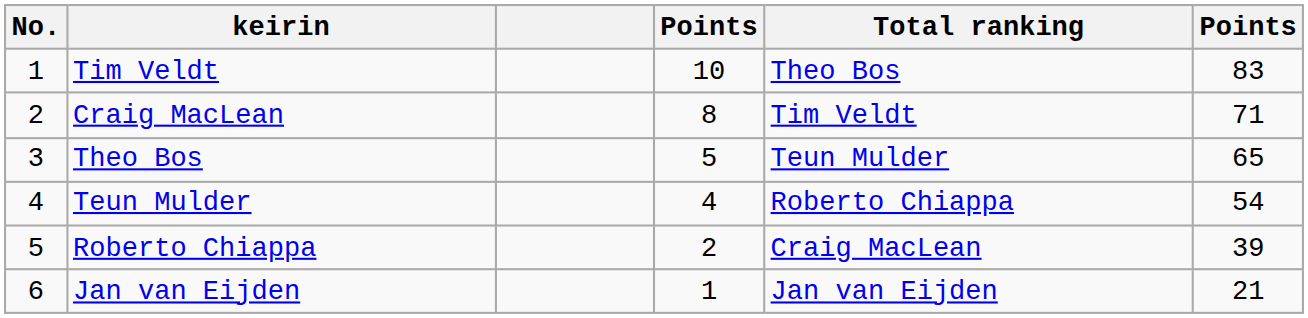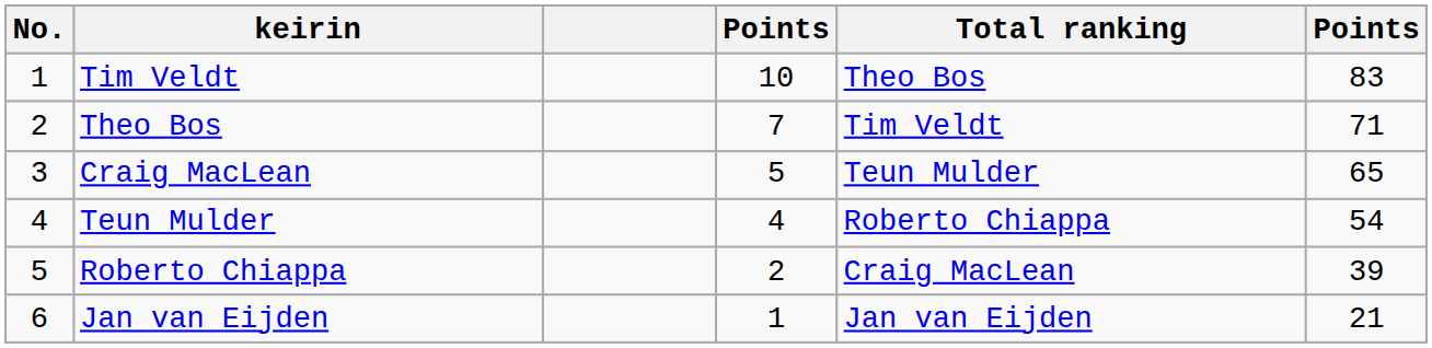 <table class="wikitable">
 <tr>
 <th width="20px">No.</th>
 <th width="200px">keirin</th>
 <th width="70px"></th>
 <th width="40px">Points</th>
 <th width="200px">Total ranking</th>
 <th width="40px">Points</th>
 </tr>
 <tr align=center>
 <td>1</td>
 <td align=left> <a href='#'>Tim Veldt</a></td>
 <td></td>
 <td>10</td>
 <td align=left> <a href='#'>Theo Bos</a></td>
 <td>83</td>
 </tr>
 <tr align=center>
 <td>2</td>
-<td align=left> <a href='#'>Craig MacLean</a></td>
+<td align=left> <a href='#'>Theo Bos</a></td>
 <td></td>
-<td>8</td>
+<td>7</td>
 <td align=left> <a href='#'>Tim Veldt</a></td>
 <td>71</td>
 </tr>
 <tr align=center>
 <td>3</td>
-<td align=left> <a href='#'>Theo Bos</a></td>
+<td align=left> <a href='#'>Craig MacLean</a></td>
 <td></td>
 <td>5</td>
 <td align=left> <a href='#'>Teun Mulder</a></td>
 <td>65</td>
 </tr>
 <tr align=center>
 <td>4</td>
 <td align=left> <a href='#'>Teun Mulder</a></td>
 <td></td>
 <td>4</td>
 <td align=left> <a href='#'>Roberto Chiappa</a></td>
 <td>54</td>
 </tr>
 <tr align=center>
 <td>5</td>
 <td align=left> <a href='#'>Roberto Chiappa</a></td>
 <td></td>
 <td>2</td>
 <td align=left> <a href='#'>Craig MacLean</a></td>
 <td>39</td>
 </tr>
 <tr align=center>
 <td>6</td>
 <td align=left> <a href='#'>Jan van Eijden</a></td>
 <td></td>
 <td>1</td>
 <td align=left> <a href='#'>Jan van Eijden</a></td>
 <td>21</td>
 </tr>
 </table>
